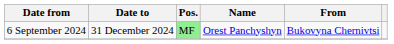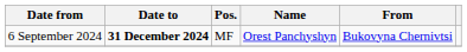 <table class="wikitable">
 <tr>
 <th>Date from</th>
 <th>Date to</th>
 <th>Pos.</th>
 <th>Name</th>
 <th>From</th>
 <th></th>
 </tr>
 <tr>
 <td>6 September 2024</td>
-<td>31 December 2024</td>
-<td style="background: lightgreen;">MF</td>
+<td><strong>31 December 2024</strong></td>
+<td>MF</td>
 <td> <a href='#'>Orest Panchyshyn</a></td>
 <td><a href='#'>Bukovyna Chernivtsi</a></td>
 <td></td>
 </tr>
 <tr>
 </tr>
 </table>
